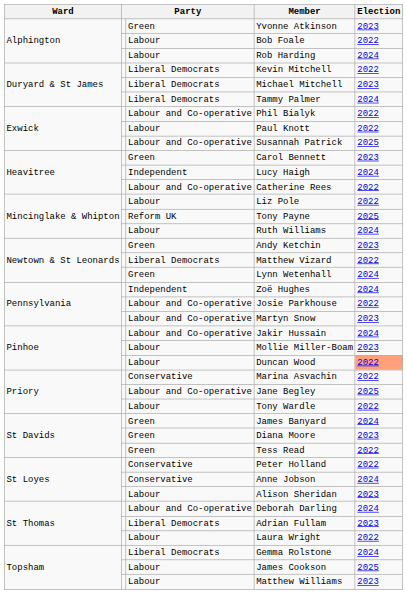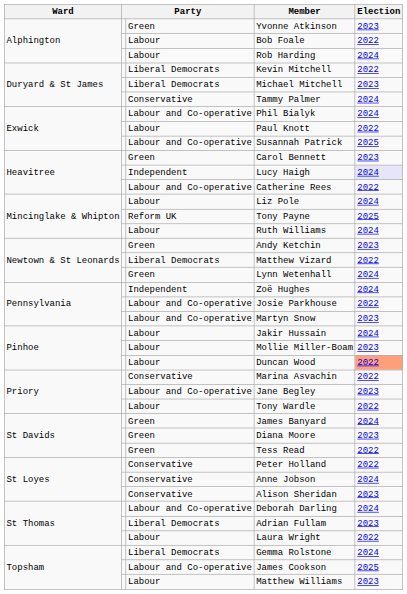 <table class="wikitable sortable">
 <tr>
 <th>Ward</th>
 <th colspan="2">Party</th>
 <th>Member</th>
 <th>Election</th>
 </tr>
 <tr>
 <td rowspan="3">Alphington</td>
 <td style="background-color: "></td>
 <td>Green</td>
 <td>Yvonne Atkinson</td>
 <td><a href='#'>2023</a></td>
 </tr>
 <tr>
 <td style="background-color: "></td>
 <td>Labour</td>
 <td>Bob Foale</td>
 <td><a href='#'>2022</a></td>
 </tr>
 <tr>
 <td style="background-color: "></td>
 <td>Labour</td>
 <td>Rob Harding</td>
 <td><a href='#'>2024</a></td>
 </tr>
 <tr>
 <td rowspan="3">Duryard & St James</td>
 <td style="background-color: "></td>
 <td>Liberal Democrats</td>
 <td>Kevin Mitchell</td>
 <td><a href='#'>2022</a></td>
 </tr>
 <tr>
 <td style="background-color: "></td>
 <td>Liberal Democrats</td>
 <td>Michael Mitchell</td>
 <td><a href='#'>2023</a></td>
 </tr>
 <tr>
 <td style="background-color: "></td>
-<td>Liberal Democrats</td>
+<td>Conservative</td>
 <td>Tammy Palmer</td>
 <td><a href='#'>2024</a></td>
 </tr>
 <tr>
 <td rowspan="3">Exwick</td>
 <td style="background-color: "></td>
 <td>Labour and Co-operative</td>
 <td>Phil Bialyk</td>
-<td><a href='#'>2022</a></td>
+<td><a href='#'>2024</a></td>
 </tr>
 <tr>
 <td style="background-color: "></td>
 <td>Labour</td>
 <td>Paul Knott</td>
 <td><a href='#'>2022</a></td>
 </tr>
 <tr>
 <td style="background-color: "></td>
 <td>Labour and Co-operative</td>
 <td>Susannah Patrick</td>
 <td><a href='#'>2025</a></td>
 </tr>
 <tr>
 <td rowspan="3">Heavitree</td>
 <td style="background-color: "></td>
 <td>Green</td>
 <td>Carol Bennett</td>
 <td><a href='#'>2023</a></td>
 </tr>
 <tr>
 <td style="background-color: "></td>
 <td>Independent</td>
 <td>Lucy Haigh</td>
-<td><a href='#'>2024</a></td>
+<td style="background: lavender;"><a href='#'>2024</a></td>
 </tr>
 <tr>
 <td style="background-color: "></td>
 <td>Labour and Co-operative</td>
 <td>Catherine Rees</td>
 <td><a href='#'>2022</a></td>
 </tr>
 <tr>
 <td rowspan="3">Mincinglake & Whipton</td>
 <td style="background-color: "></td>
 <td>Labour</td>
 <td>Liz Pole</td>
-<td><a href='#'>2022</a></td>
+<td><a href='#'>2024</a></td>
 </tr>
 <tr>
 <td style="background-color: "></td>
 <td>Reform UK</td>
 <td>Tony Payne</td>
 <td><a href='#'>2025</a></td>
 </tr>
 <tr>
 <td style="background-color: "></td>
 <td>Labour</td>
 <td>Ruth Williams</td>
 <td><a href='#'>2024</a></td>
 </tr>
 <tr>
 <td rowspan="3">Newtown & St Leonards</td>
 <td style="background-color: "></td>
 <td>Green</td>
 <td>Andy Ketchin</td>
 <td><a href='#'>2023</a></td>
 </tr>
 <tr>
 <td style="background-color: "></td>
 <td>Liberal Democrats</td>
 <td>Matthew Vizard</td>
 <td><a href='#'>2022</a></td>
 </tr>
 <tr>
 <td style="background-color: "></td>
 <td>Green</td>
 <td>Lynn Wetenhall</td>
 <td><a href='#'>2024</a></td>
 </tr>
 <tr>
 <td rowspan="3">Pennsylvania</td>
 <td style="background-color: "></td>
 <td>Independent</td>
 <td>Zoë Hughes</td>
 <td><a href='#'>2024</a></td>
 </tr>
 <tr>
 <td style="background-color: "></td>
 <td>Labour and Co-operative</td>
 <td>Josie Parkhouse</td>
 <td><a href='#'>2022</a></td>
 </tr>
 <tr>
 <td style="background-color: "></td>
 <td>Labour and Co-operative</td>
 <td>Martyn Snow</td>
 <td><a href='#'>2023</a></td>
 </tr>
 <tr>
 <td rowspan="3">Pinhoe</td>
 <td style="background-color: "></td>
-<td>Labour and Co-operative</td>
+<td>Labour</td>
 <td>Jakir Hussain</td>
 <td><a href='#'>2024</a></td>
 </tr>
 <tr>
 <td style="background-color: "></td>
 <td>Labour</td>
 <td>Mollie Miller-Boam</td>
 <td><a href='#'>2023</a></td>
 </tr>
 <tr>
 <td style="background-color: "></td>
 <td>Labour</td>
 <td>Duncan Wood</td>
 <td style="background: lightsalmon;"><a href='#'>2022</a></td>
 </tr>
 <tr>
 <td rowspan="3">Priory</td>
 <td style="background-color: "></td>
 <td>Conservative</td>
 <td>Marina Asvachin</td>
 <td><a href='#'>2022</a></td>
 </tr>
 <tr>
 <td style="background-color: "></td>
 <td>Labour and Co-operative</td>
 <td>Jane Begley</td>
-<td><a href='#'>2025</a></td>
+<td><a href='#'>2023</a></td>
 </tr>
 <tr>
 <td style="background-color: "></td>
 <td>Labour</td>
 <td>Tony Wardle</td>
 <td><a href='#'>2022</a></td>
 </tr>
 <tr>
 <td rowspan="3">St Davids</td>
 <td style="background-color: "></td>
 <td>Green</td>
 <td>James Banyard</td>
 <td><a href='#'>2024</a></td>
 </tr>
 <tr>
 <td style="background-color: "></td>
 <td>Green</td>
 <td>Diana Moore</td>
 <td><a href='#'>2023</a></td>
 </tr>
 <tr>
 <td style="background-color: "></td>
 <td>Green</td>
 <td>Tess Read</td>
 <td><a href='#'>2022</a></td>
 </tr>
 <tr>
 <td rowspan="3">St Loyes</td>
 <td style="background-color: "></td>
 <td>Conservative</td>
 <td>Peter Holland</td>
 <td><a href='#'>2022</a></td>
 </tr>
 <tr>
 <td style="background-color: "></td>
 <td>Conservative</td>
 <td>Anne Jobson</td>
 <td><a href='#'>2024</a></td>
 </tr>
 <tr>
 <td style="background-color: "></td>
-<td>Labour</td>
+<td>Conservative</td>
 <td>Alison Sheridan</td>
 <td><a href='#'>2023</a></td>
 </tr>
 <tr>
 <td rowspan="3">St Thomas</td>
 <td style="background-color: "></td>
 <td>Labour and Co-operative</td>
 <td>Deborah Darling</td>
 <td><a href='#'>2024</a></td>
 </tr>
 <tr>
 <td style="background-color: "></td>
 <td>Liberal Democrats</td>
 <td>Adrian Fullam</td>
 <td><a href='#'>2023</a></td>
 </tr>
 <tr>
 <td style="background-color: "></td>
 <td>Labour</td>
 <td>Laura Wright</td>
 <td><a href='#'>2022</a></td>
 </tr>
 <tr>
 <td rowspan="3">Topsham</td>
 <td style="background-color: "></td>
 <td>Liberal Democrats</td>
 <td>Gemma Rolstone</td>
 <td><a href='#'>2024</a></td>
 </tr>
 <tr>
 <td style="background-color: "></td>
-<td>Labour</td>
+<td>Labour and Co-operative</td>
 <td>James Cookson</td>
 <td><a href='#'>2025</a></td>
 </tr>
 <tr>
 <td style="background-color: "></td>
 <td>Labour</td>
 <td>Matthew Williams</td>
 <td><a href='#'>2023</a></td>
 </tr>
 </table>
